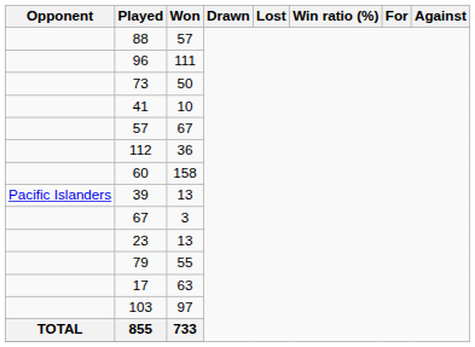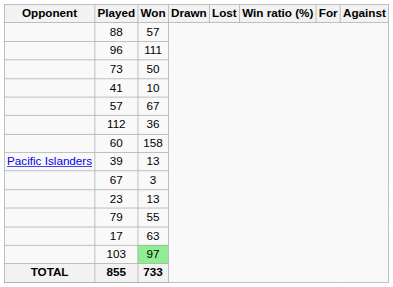 <table class="wikitable">
 <tr>
 <th>Opponent</th>
 <th>Played</th>
 <th>Won</th>
 <th>Drawn</th>
 <th>Lost</th>
 <th>Win ratio (%)</th>
 <th>For</th>
 <th>Against</th>
 </tr>
 <tr align=center>
 <td align=left><br></td>
 <td>88</td>
 <td>57</td>
 </tr>
 <tr align=center>
 <td align=left><br></td>
 <td>96</td>
 <td>111</td>
 </tr>
 <tr align=center>
 <td align=left><br></td>
 <td>73</td>
 <td>50</td>
 </tr>
 <tr align=center>
 <td align=left><br></td>
 <td>41</td>
 <td>10</td>
 </tr>
 <tr align=center>
 <td align=left><br></td>
 <td>57</td>
 <td>67</td>
 </tr>
 <tr align=center>
 <td align=left><br></td>
 <td>112</td>
 <td>36</td>
 </tr>
 <tr align=center>
 <td align=left><br></td>
 <td>60</td>
 <td>158</td>
 </tr>
 <tr align=center>
 <td align=left><a href='#'>Pacific Islanders</a><br></td>
 <td>39</td>
 <td>13</td>
 </tr>
 <tr align=center>
 <td align=left><br></td>
 <td>67</td>
 <td>3</td>
 </tr>
 <tr align=center>
 <td align=left><br></td>
 <td>23</td>
 <td>13</td>
 </tr>
 <tr align=center>
 <td align=left><br></td>
 <td>79</td>
 <td>55</td>
 </tr>
 <tr align=center>
 <td align=left><br></td>
 <td>17</td>
 <td>63</td>
 </tr>
 <tr align=center>
 <td align=left><br></td>
 <td>103</td>
-<td>97</td>
+<td style="background: lightgreen;">97</td>
 </tr>
 <tr align=center>
 <th>TOTAL<br></th>
 <th>855</th>
 <th>733</th>
 </tr>
 <tr>
 </tr>
 </table>
